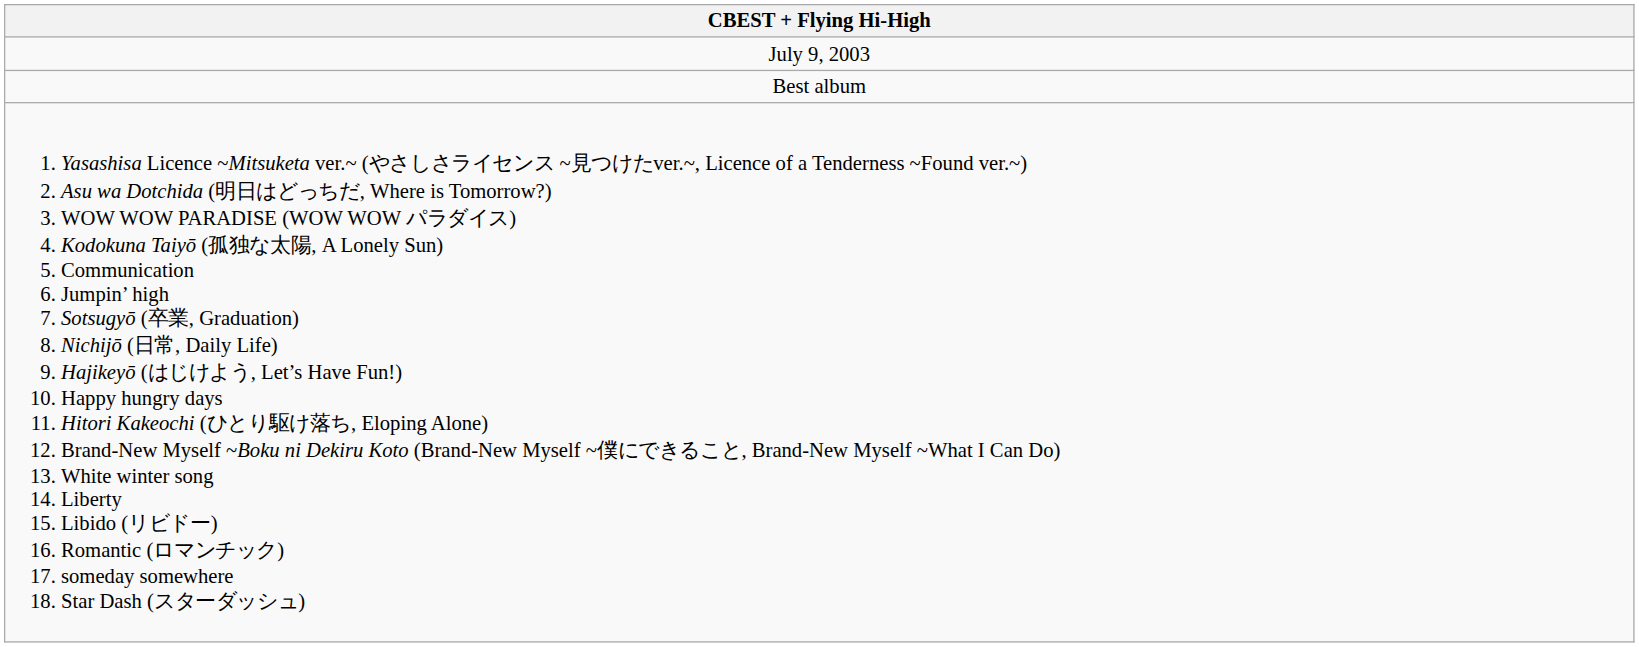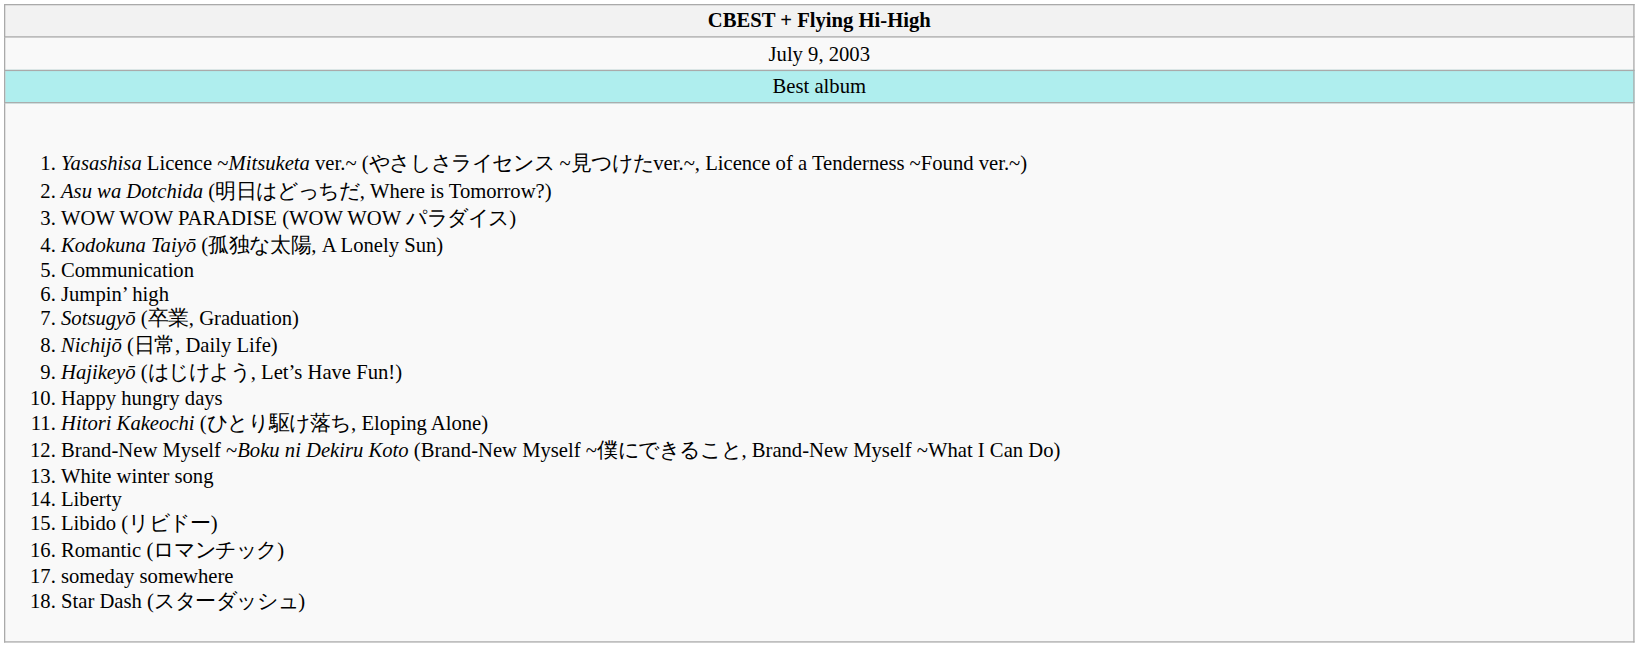 <table class="wikitable" style="width:100%">
 <tr>
 <th>CBEST + Flying Hi-High</th>
 </tr>
 <tr>
 <td style="text-align:center">July 9, 2003</td>
 </tr>
 <tr>
-<td style="text-align:center">Best album</td>
+<td style="background: paleturquoise; text-align:center">Best album</td>
 </tr>
 <tr>
 <td><br><ol><li><em>Yasashisa</em> Licence ~<em>Mitsuketa</em> ver.~ (やさしさライセンス ~見つけたver.~, Licence of a Tenderness ~Found ver.~)</li><li><em>Asu wa Dotchida</em> (明日はどっちだ, Where is Tomorrow?)</li><li>WOW WOW PARADISE (WOW WOW パラダイス)</li><li><em>Kodokuna Taiyō</em> (孤独な太陽, A Lonely Sun)</li><li>Communication</li><li>Jumpin’ high</li><li><em>Sotsugyō</em> (卒業, Graduation)</li><li><em>Nichijō</em> (日常, Daily Life)</li><li><em>Hajikeyō</em> (はじけよう, Let’s Have Fun!)</li><li>Happy hungry days</li><li><em>Hitori Kakeochi</em> (ひとり駆け落ち, Eloping Alone)</li><li>Brand-New Myself ~<em>Boku ni Dekiru Koto</em> (Brand-New Myself ~僕にできること, Brand-New Myself ~What I Can Do)</li><li>White winter song</li><li>Liberty</li><li>Libido (リビドー)</li><li>Romantic (ロマンチック)</li><li>someday somewhere</li><li>Star Dash (スターダッシュ)</li></ol></td>
 </tr>
 </table>
